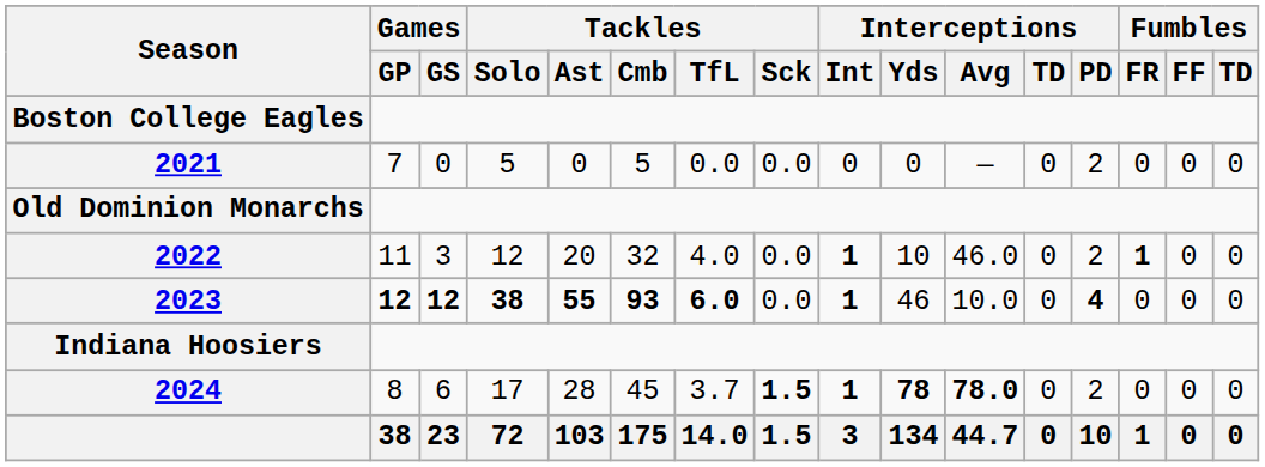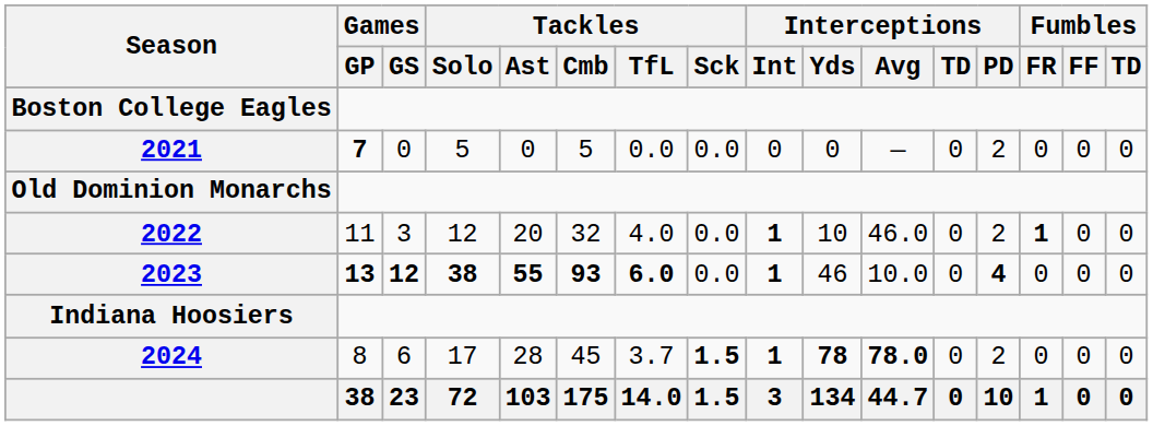 <table class="wikitable" style="text-align:center;">
 <tr>
 <th rowspan="2">Season</th>
 <th colspan="2">Games</th>
 <th colspan="5">Tackles</th>
 <th colspan="5">Interceptions</th>
 <th colspan="3">Fumbles</th>
 </tr>
 <tr>
 <th>GP</th>
 <th>GS</th>
 <th>Solo</th>
 <th>Ast</th>
 <th>Cmb</th>
 <th>TfL</th>
 <th>Sck</th>
 <th>Int</th>
 <th>Yds</th>
 <th>Avg</th>
 <th>TD</th>
 <th>PD</th>
 <th>FR</th>
 <th>FF</th>
 <th>TD</th>
 </tr>
 <tr>
 <th>Boston College Eagles</th>
 </tr>
 <tr>
 <th><a href='#'>2021</a></th>
-<td>7</td>
+<td><strong>7</strong></td>
 <td>0</td>
 <td>5</td>
 <td>0</td>
 <td>5</td>
 <td>0.0</td>
 <td>0.0</td>
 <td>0</td>
 <td>0</td>
 <td>—</td>
 <td>0</td>
 <td>2</td>
 <td>0</td>
 <td>0</td>
 <td>0</td>
 </tr>
 <tr>
 <th>Old Dominion Monarchs</th>
 </tr>
 <tr>
 <th><a href='#'>2022</a></th>
 <td>11</td>
 <td>3</td>
 <td>12</td>
 <td>20</td>
 <td>32</td>
 <td>4.0</td>
 <td>0.0</td>
 <td><strong>1</strong></td>
 <td>10</td>
 <td>46.0</td>
 <td>0</td>
 <td>2</td>
 <td><strong>1</strong></td>
 <td>0</td>
 <td>0</td>
 </tr>
 <tr>
 <th><a href='#'>2023</a></th>
-<td><strong>12</strong></td>
+<td><strong>13</strong></td>
 <td><strong>12</strong></td>
 <td><strong>38</strong></td>
 <td><strong>55</strong></td>
 <td><strong>93</strong></td>
 <td><strong>6.0</strong></td>
 <td>0.0</td>
 <td><strong>1</strong></td>
 <td>46</td>
 <td>10.0</td>
 <td>0</td>
 <td><strong>4</strong></td>
 <td>0</td>
 <td>0</td>
 <td>0</td>
 </tr>
 <tr>
 <th>Indiana Hoosiers</th>
 </tr>
 <tr>
 <th><a href='#'>2024</a></th>
 <td>8</td>
 <td>6</td>
 <td>17</td>
 <td>28</td>
 <td>45</td>
 <td>3.7</td>
 <td><strong>1.5</strong></td>
 <td><strong>1</strong></td>
 <td><strong>78</strong></td>
 <td><strong>78.0</strong></td>
 <td>0</td>
 <td>2</td>
 <td>0</td>
 <td>0</td>
 <td>0</td>
 </tr>
 <tr>
 <th></th>
 <th>38</th>
 <th>23</th>
 <th>72</th>
 <th>103</th>
 <th>175</th>
 <th>14.0</th>
 <th>1.5</th>
 <th>3</th>
 <th>134</th>
 <th>44.7</th>
 <th>0</th>
 <th>10</th>
 <th>1</th>
 <th>0</th>
 <th>0</th>
 </tr>
 </table>
